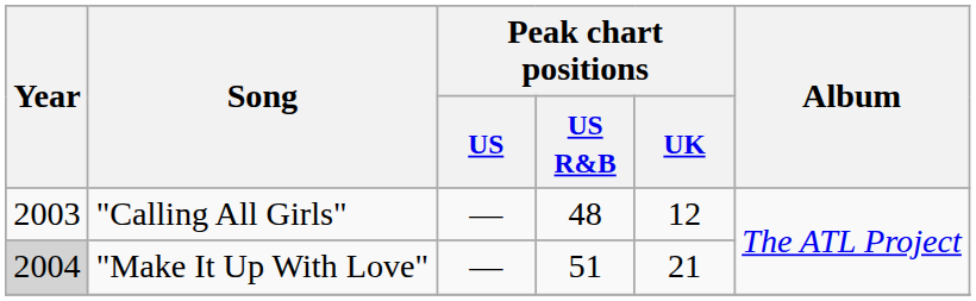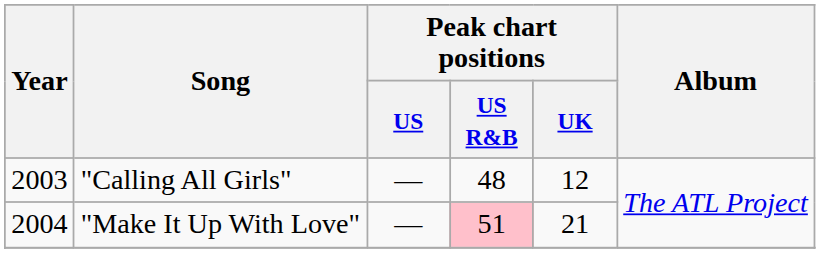 <table class="wikitable">
 <tr>
 <th align="center" rowspan="2">Year</th>
 <th align="center" rowspan="2">Song</th>
 <th align="center" colspan="3">Peak chart positions</th>
 <th align="center" rowspan="2">Album</th>
 </tr>
 <tr bgcolor="#CCCCCC">
 <th align="center" width="40"><small><a href='#'>US</a></small></th>
 <th align="center" width="40"><small><a href='#'>US<br> R&B</a></small></th>
 <th align="center" width="40"><small><a href='#'>UK</a></small></th>
 </tr>
 <tr>
 <td align="center" valign="top">2003</td>
 <td align="left" valign="top">"Calling All Girls"</td>
 <td align="center" valign="top">—</td>
 <td align="center" valign="top">48</td>
 <td align="center" valign="top">12</td>
 <td align="left" rowspan="2"><em><a href='#'>The ATL Project</a></em><br></td>
 </tr>
 <tr>
-<td align="center" valign="top" style="background: lightgrey;">2004</td>
+<td align="center" valign="top">2004</td>
 <td align="left" valign="top">"Make It Up With Love"</td>
 <td align="center" valign="top">—</td>
-<td align="center" valign="top">51</td>
+<td align="center" valign="top" style="background: pink;">51</td>
 <td align="center" valign="top">21</td>
 </tr>
 <tr>
 </tr>
 <tr>
 </tr>
 </table>
